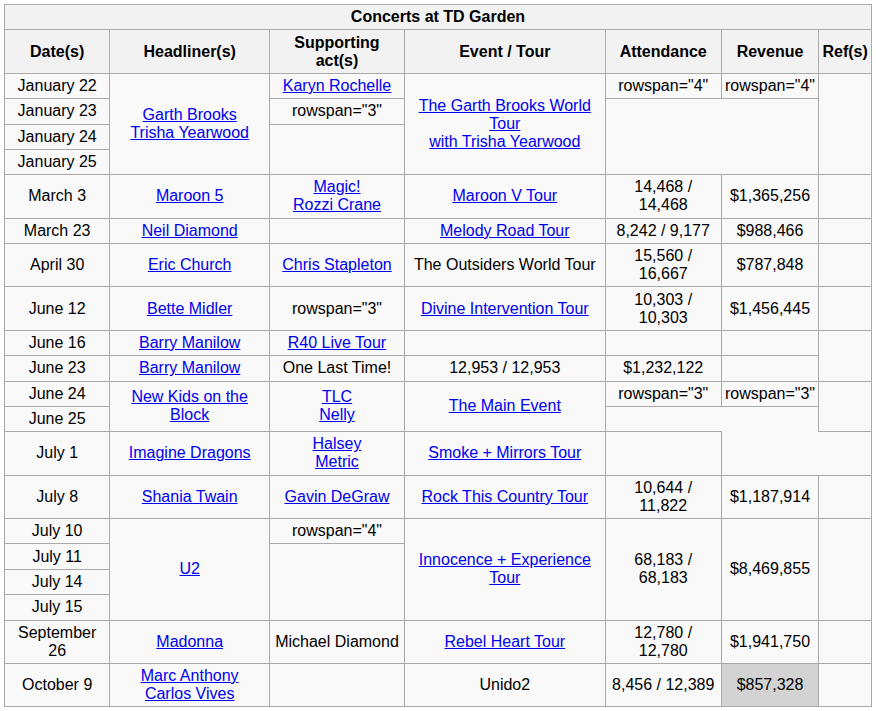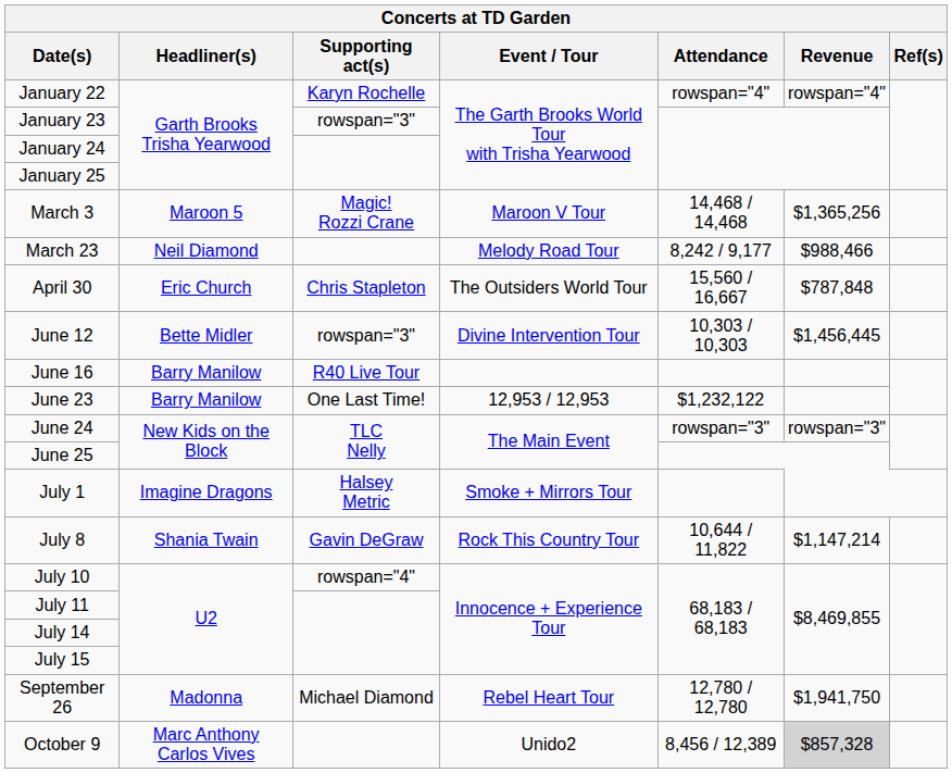 <table class="wikitable mw-collapsible mw-collapsed" style="text-align:center;">
 <tr>
 <th colspan="7">Concerts at TD Garden</th>
 </tr>
 <tr>
 <th>Date(s)</th>
 <th>Headliner(s)</th>
 <th>Supporting act(s)</th>
 <th>Event / Tour</th>
 <th>Attendance</th>
 <th>Revenue</th>
 <th>Ref(s)</th>
 </tr>
 <tr>
 <td>January 22</td>
 <td rowspan="4"><a href='#'>Garth Brooks</a><br><a href='#'>Trisha Yearwood</a></td>
 <td><a href='#'>Karyn Rochelle</a></td>
 <td rowspan="4"><a href='#'>The Garth Brooks World Tour<br>with Trisha Yearwood</a></td>
 <td>rowspan="4" </td>
 <td>rowspan="4" </td>
 <td rowspan="4"></td>
 </tr>
 <tr>
 <td>January 23</td>
 <td>rowspan="3" </td>
 </tr>
 <tr>
 <td>January 24</td>
 </tr>
 <tr>
 <td>January 25</td>
 </tr>
 <tr>
 <td>March 3</td>
 <td><a href='#'>Maroon 5</a></td>
 <td><a href='#'>Magic!</a><br><a href='#'>Rozzi Crane</a></td>
 <td><a href='#'>Maroon V Tour</a></td>
 <td>14,468 / 14,468</td>
 <td>$1,365,256</td>
 <td></td>
 </tr>
 <tr>
 <td>March 23</td>
 <td><a href='#'>Neil Diamond</a></td>
 <td></td>
 <td><a href='#'>Melody Road Tour</a></td>
 <td>8,242 / 9,177</td>
 <td>$988,466</td>
 <td></td>
 </tr>
 <tr>
 <td>April 30</td>
 <td><a href='#'>Eric Church</a></td>
 <td><a href='#'>Chris Stapleton</a></td>
 <td>The Outsiders World Tour</td>
 <td>15,560 / 16,667</td>
 <td>$787,848</td>
 <td></td>
 </tr>
 <tr>
 <td>June 12</td>
 <td><a href='#'>Bette Midler</a></td>
 <td>rowspan="3" </td>
 <td><a href='#'>Divine Intervention Tour</a></td>
 <td>10,303 / 10,303</td>
 <td>$1,456,445</td>
 <td></td>
 </tr>
 <tr>
 <td>June 16</td>
 <td><a href='#'>Barry Manilow</a></td>
 <td><a href='#'>R40 Live Tour</a></td>
 <td></td>
 <td></td>
 <td></td>
 </tr>
 <tr>
 <td>June 23</td>
 <td><a href='#'>Barry Manilow</a></td>
 <td>One Last Time!</td>
 <td>12,953 / 12,953</td>
 <td>$1,232,122</td>
 <td></td>
 </tr>
 <tr>
 <td>June 24</td>
 <td rowspan="2"><a href='#'>New Kids on the Block</a></td>
 <td rowspan="2"><a href='#'>TLC</a><br><a href='#'>Nelly</a></td>
 <td rowspan="2"><a href='#'>The Main Event</a></td>
 <td>rowspan="3" </td>
 <td>rowspan="3" </td>
 <td rowspan="2"></td>
 </tr>
 <tr>
 <td>June 25</td>
 </tr>
 <tr>
 <td>July 1</td>
 <td><a href='#'>Imagine Dragons</a></td>
 <td><a href='#'>Halsey</a><br><a href='#'>Metric</a></td>
 <td><a href='#'>Smoke + Mirrors Tour</a></td>
 <td></td>
 </tr>
 <tr>
 <td>July 8</td>
 <td><a href='#'>Shania Twain</a></td>
 <td><a href='#'>Gavin DeGraw</a></td>
 <td><a href='#'>Rock This Country Tour</a></td>
 <td>10,644 / 11,822</td>
-<td>$1,187,914</td>
+<td>$1,147,214</td>
 <td></td>
 </tr>
 <tr>
 <td>July 10</td>
 <td rowspan="4"><a href='#'>U2</a></td>
 <td>rowspan="4" </td>
 <td rowspan="4"><a href='#'>Innocence + Experience Tour</a></td>
 <td rowspan="4">68,183 / 68,183</td>
 <td rowspan="4">$8,469,855</td>
 <td rowspan="4"></td>
 </tr>
 <tr>
 <td>July 11</td>
 </tr>
 <tr>
 <td>July 14</td>
 </tr>
 <tr>
 <td>July 15</td>
 </tr>
 <tr>
 <td>September 26</td>
 <td><a href='#'>Madonna</a></td>
 <td>Michael Diamond</td>
 <td><a href='#'>Rebel Heart Tour</a></td>
 <td>12,780 / 12,780</td>
 <td>$1,941,750</td>
 <td></td>
 </tr>
 <tr>
 <td>October 9</td>
 <td><a href='#'>Marc Anthony</a><br><a href='#'>Carlos Vives</a></td>
 <td></td>
 <td>Unido2</td>
 <td>8,456 / 12,389</td>
 <td style="background: lightgrey;">$857,328</td>
 <td></td>
 </tr>
 </table>
